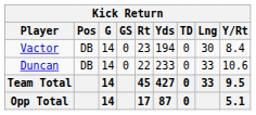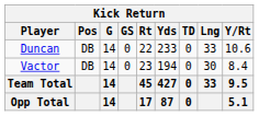 <table class="wikitable" style="text-align:center">
 <tr>
 <th colspan="9">Kick Return</th>
 </tr>
 <tr>
 <th>Player</th>
 <th>Pos</th>
 <th>G</th>
 <th>GS</th>
 <th>Rt</th>
 <th>Yds</th>
 <th>TD</th>
 <th>Lng</th>
 <th>Y/Rt</th>
 </tr>
 <tr>
+<td><a href='#'>Duncan</a></td>
+<td>DB</td>
+<td>14</td>
+<td>0</td>
+<td>22</td>
+<td>233</td>
+<td>0</td>
+<td>33</td>
+<td>10.6</td>
+</tr>
+<tr>
 <td><a href='#'>Vactor</a></td>
 <td>DB</td>
 <td>14</td>
 <td>0</td>
 <td>23</td>
 <td>194</td>
 <td>0</td>
 <td>30</td>
 <td>8.4</td>
-</tr>
-<tr>
-<td><a href='#'>Duncan</a></td>
-<td>DB</td>
-<td>14</td>
-<td>0</td>
-<td>22</td>
-<td>233</td>
-<td>0</td>
-<td>33</td>
-<td>10.6</td>
 </tr>
 <tr>
 <th>Team Total</th>
 <th></th>
 <th>14</th>
 <th></th>
 <th>45</th>
 <th>427</th>
 <th>0</th>
 <th>33</th>
 <th>9.5</th>
 </tr>
 <tr>
 <th>Opp Total</th>
 <th></th>
 <th>14</th>
 <th></th>
 <th>17</th>
 <th>87</th>
 <th>0</th>
 <th></th>
 <th>5.1</th>
 </tr>
 </table>
